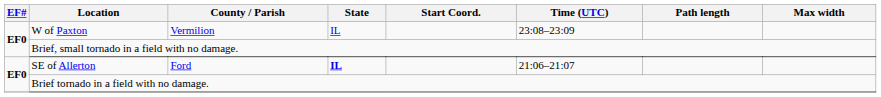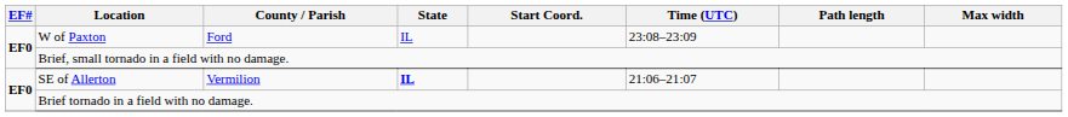 <table class="wikitable sortable" style="width:100%;">
 <tr>
 <th scope="col" width="2%" align="center"><a href='#'>EF#</a></th>
 <th scope="col" align="center" class="unsortable">Location</th>
 <th scope="col" align="center" class="unsortable">County / Parish</th>
 <th scope="col" align="center">State</th>
 <th scope="col" align="center" data-sort-type="number">Start Coord.</th>
 <th scope="col" align="center" data-sort-type="number">Time (<a href='#'>UTC</a>)</th>
 <th scope="col" align="center" data-sort-type="number">Path length</th>
 <th scope="col" align="center" data-sort-type="number">Max width</th>
 </tr>
 <tr>
 <td rowspan="2" align="center"><strong>EF0</strong></td>
 <td>W of <a href='#'>Paxton</a></td>
-<td><a href='#'>Vermilion</a></td>
+<td><a href='#'>Ford</a></td>
 <td><a href='#'>IL</a></td>
 <td></td>
 <td>23:08–23:09</td>
 <td></td>
 <td></td>
 </tr>
 <tr class="expand-child">
 <td colspan="8" style=" border-bottom: 1px solid black;">Brief, small tornado in a field with no damage.</td>
 </tr>
 <tr>
 <td rowspan="2" align="center"><strong>EF0</strong></td>
 <td>SE of <a href='#'>Allerton</a></td>
-<td><a href='#'>Ford</a></td>
+<td><a href='#'>Vermilion</a></td>
 <td><strong><a href='#'>IL</a></strong></td>
 <td></td>
 <td>21:06–21:07</td>
 <td></td>
 <td></td>
 </tr>
 <tr class="expand-child">
 <td colspan="8" style=" border-bottom: 1px solid black;">Brief tornado in a field with no damage.</td>
 </tr>
 <tr>
 </tr>
 </table>
